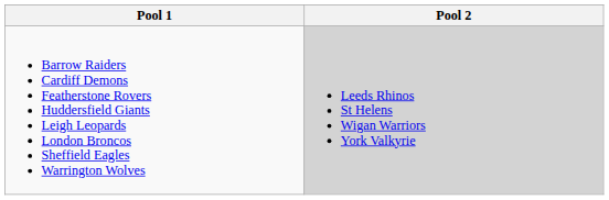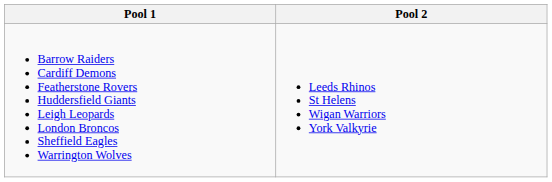 <table class="wikitable">
 <tr>
 <th width=25%>Pool 1</th>
 <th width=25%>Pool 2</th>
 </tr>
 <tr>
 <td><br><ul><li><a href='#'>Barrow Raiders</a></li><li><a href='#'>Cardiff Demons</a></li><li><a href='#'>Featherstone Rovers</a></li><li><a href='#'>Huddersfield Giants</a></li><li><a href='#'>Leigh Leopards</a></li><li><a href='#'>London Broncos</a></li><li><a href='#'>Sheffield Eagles</a></li><li><a href='#'>Warrington Wolves</a></li></ul></td>
-<td style="background: lightgrey;"><br><ul><li><a href='#'>Leeds Rhinos</a></li><li><a href='#'>St Helens</a></li><li><a href='#'>Wigan Warriors</a></li><li><a href='#'>York Valkyrie</a></li></ul></td>
+<td><br><ul><li><a href='#'>Leeds Rhinos</a></li><li><a href='#'>St Helens</a></li><li><a href='#'>Wigan Warriors</a></li><li><a href='#'>York Valkyrie</a></li></ul></td>
 </tr>
 </table>
